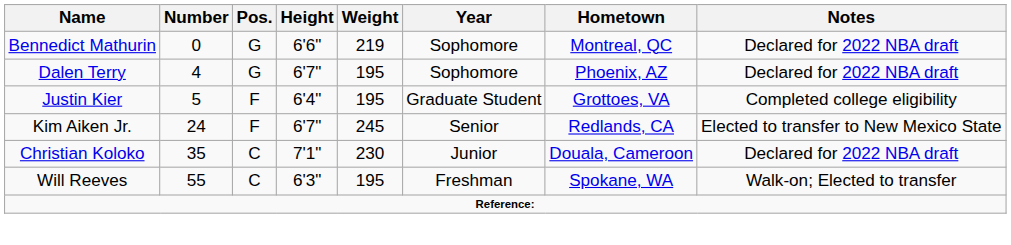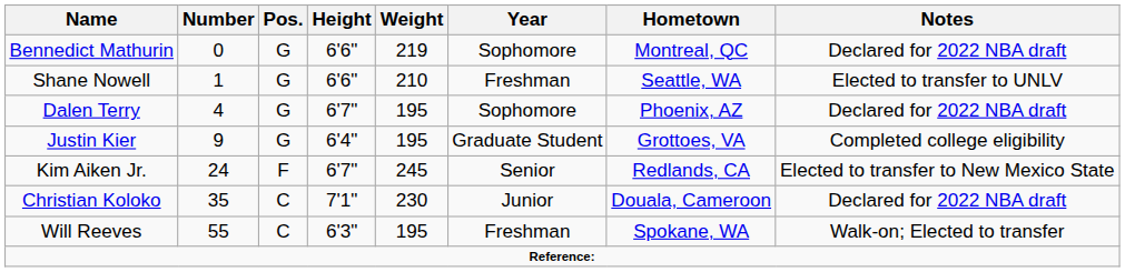 <table class="wikitable sortable" style="text-align: center">
 <tr align=center>
 <th>Name</th>
 <th>Number</th>
 <th>Pos.</th>
 <th>Height</th>
 <th>Weight</th>
 <th>Year</th>
 <th>Hometown</th>
 <th>Notes</th>
 </tr>
 <tr>
 <td><a href='#'>Bennedict Mathurin</a></td>
 <td>0</td>
 <td>G</td>
 <td>6'6"</td>
 <td>219</td>
 <td>Sophomore</td>
 <td><a href='#'>Montreal, QC</a></td>
 <td>Declared for <a href='#'>2022 NBA draft</a></td>
 </tr>
 <tr>
+<td>Shane Nowell</td>
+<td>1</td>
+<td>G</td>
+<td>6'6"</td>
+<td>210</td>
+<td>Freshman</td>
+<td><a href='#'>Seattle, WA</a></td>
+<td>Elected to transfer to UNLV</td>
+</tr>
+<tr>
 <td><a href='#'>Dalen Terry</a></td>
 <td>4</td>
 <td>G</td>
 <td>6'7"</td>
 <td>195</td>
 <td>Sophomore</td>
 <td><a href='#'>Phoenix, AZ</a></td>
 <td>Declared for <a href='#'>2022 NBA draft</a></td>
 </tr>
 <tr>
 <td><a href='#'>Justin Kier</a></td>
-<td>5</td>
-<td>F</td>
+<td>9</td>
+<td>G</td>
 <td>6'4"</td>
 <td>195</td>
 <td>Graduate Student</td>
 <td><a href='#'>Grottoes, VA</a></td>
 <td>Completed college eligibility</td>
 </tr>
 <tr>
 <td>Kim Aiken Jr.</td>
 <td>24</td>
 <td>F</td>
 <td>6'7"</td>
 <td>245</td>
 <td> Senior</td>
 <td><a href='#'>Redlands, CA</a></td>
 <td>Elected to transfer to New Mexico State</td>
 </tr>
 <tr>
 <td><a href='#'>Christian Koloko</a></td>
 <td>35</td>
 <td>C</td>
 <td>7'1"</td>
 <td>230</td>
 <td>Junior</td>
 <td><a href='#'>Douala, Cameroon</a></td>
 <td>Declared for <a href='#'>2022 NBA draft</a></td>
 </tr>
 <tr>
 <td>Will Reeves</td>
 <td>55</td>
 <td>C</td>
 <td>6'3"</td>
 <td>195</td>
 <td>Freshman</td>
 <td><a href='#'>Spokane, WA</a></td>
 <td>Walk-on; Elected to transfer</td>
 </tr>
 <tr>
 <td colspan="8" style="font-size:8pt; text-align:center;"><strong>Reference:</strong></td>
 </tr>
 </table>
